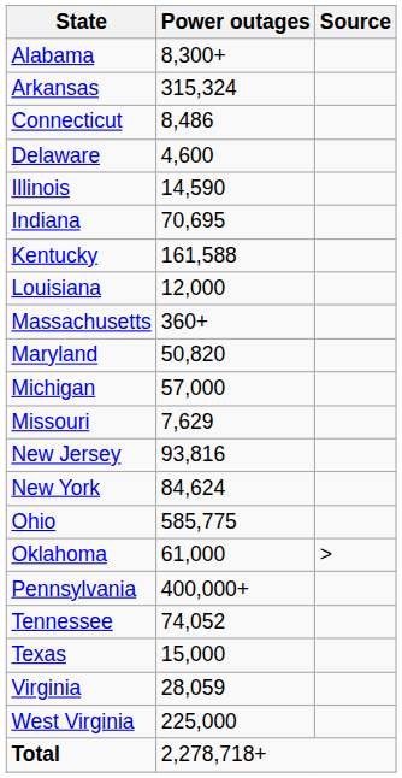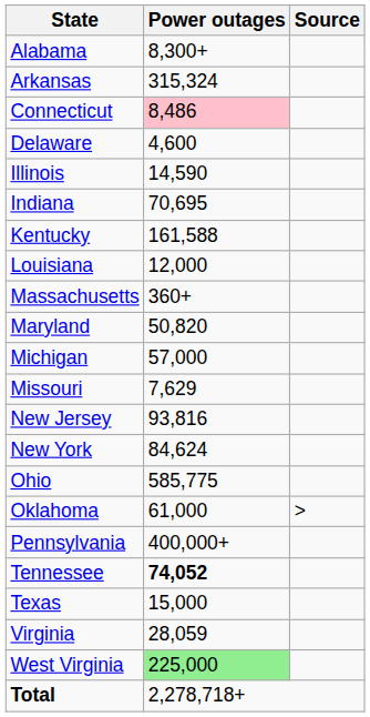 <table class="wikitable" style="float:right;margin:0 0 1em 1em;">
 <tr>
 <th>State</th>
 <th>Power outages</th>
 <th>Source</th>
 </tr>
 <tr>
 <td><a href='#'>Alabama</a></td>
 <td>8,300+</td>
 <td></td>
 </tr>
 <tr>
 <td><a href='#'>Arkansas</a></td>
 <td>315,324</td>
 <td></td>
 </tr>
 <tr>
 <td><a href='#'>Connecticut</a></td>
-<td>8,486</td>
+<td style="background: pink;">8,486</td>
 <td></td>
 </tr>
 <tr>
 <td><a href='#'>Delaware</a></td>
 <td>4,600</td>
 <td></td>
 </tr>
 <tr>
 <td><a href='#'>Illinois</a></td>
 <td>14,590</td>
 <td></td>
 </tr>
 <tr>
 <td><a href='#'>Indiana</a></td>
 <td>70,695</td>
 <td></td>
 </tr>
 <tr>
 <td><a href='#'>Kentucky</a></td>
 <td>161,588</td>
 <td></td>
 </tr>
 <tr>
 <td><a href='#'>Louisiana</a></td>
 <td>12,000</td>
 <td></td>
 </tr>
 <tr>
 <td><a href='#'>Massachusetts</a></td>
 <td>360+</td>
 <td></td>
 </tr>
 <tr>
 <td><a href='#'>Maryland</a></td>
 <td>50,820</td>
 <td></td>
 </tr>
 <tr>
 <td><a href='#'>Michigan</a></td>
 <td>57,000</td>
 <td></td>
 </tr>
 <tr>
 <td><a href='#'>Missouri</a></td>
 <td>7,629</td>
 <td></td>
 </tr>
 <tr>
 <td><a href='#'>New Jersey</a></td>
 <td>93,816</td>
 <td></td>
 </tr>
 <tr>
 <td><a href='#'>New York</a></td>
 <td>84,624</td>
 <td></td>
 </tr>
 <tr>
 <td><a href='#'>Ohio</a></td>
 <td>585,775</td>
 <td></td>
 </tr>
 <tr>
 <td><a href='#'>Oklahoma</a></td>
 <td>61,000</td>
 <td>></td>
 </tr>
 <tr>
 <td><a href='#'>Pennsylvania</a></td>
 <td>400,000+</td>
 <td></td>
 </tr>
 <tr>
 <td><a href='#'>Tennessee</a></td>
-<td>74,052</td>
+<td><strong>74,052</strong></td>
 <td></td>
 </tr>
 <tr>
 <td><a href='#'>Texas</a></td>
 <td>15,000</td>
 <td></td>
 </tr>
 <tr>
 <td><a href='#'>Virginia</a></td>
 <td>28,059</td>
 <td></td>
 </tr>
 <tr>
 <td><a href='#'>West Virginia</a></td>
-<td>225,000</td>
+<td style="background: lightgreen;">225,000</td>
 <td></td>
 </tr>
 <tr>
 <td><strong>Total</strong></td>
 <td colspan=2>2,278,718+</td>
 </tr>
 </table>
